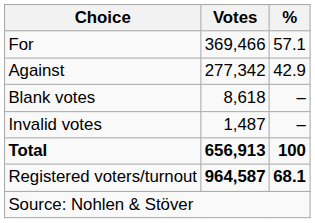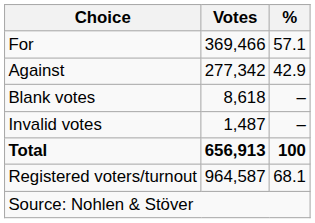 <table class=wikitable style=text-align:right>
 <tr>
 <th>Choice</th>
 <th>Votes</th>
 <th>%</th>
 </tr>
 <tr>
 <td align=left>For</td>
 <td>369,466</td>
 <td>57.1</td>
 </tr>
 <tr>
 <td align=left>Against</td>
 <td>277,342</td>
 <td>42.9</td>
 </tr>
 <tr>
 <td align=left>Blank votes</td>
 <td>8,618</td>
 <td>–</td>
 </tr>
 <tr>
 <td align=left>Invalid votes</td>
 <td>1,487</td>
 <td>–</td>
 </tr>
 <tr>
 <td align=left><strong>Total</strong></td>
 <td><strong>656,913</strong></td>
 <td><strong>100</strong></td>
 </tr>
 <tr>
 <td align=left>Registered voters/turnout</td>
-<td><strong>964,587</strong></td>
-<td><strong>68.1</strong></td>
+<td>964,587</td>
+<td>68.1</td>
 </tr>
 <tr>
 <td align=left colspan=3>Source: Nohlen & Stöver</td>
 </tr>
 </table>
